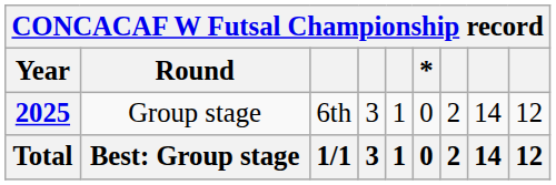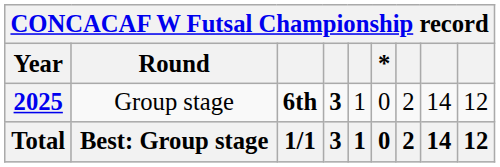 <table class="wikitable" style="text-align: center;">
 <tr>
 <th colspan="9"><a href='#'>CONCACAF W Futsal Championship</a> record</th>
 </tr>
 <tr>
 <th>Year</th>
 <th>Round</th>
 <th></th>
 <th></th>
 <th></th>
 <th>*</th>
 <th></th>
 <th></th>
 <th></th>
 </tr>
 <tr>
 <th> <a href='#'>2025</a></th>
 <td>Group stage</td>
-<td>6th</td>
-<td>3</td>
+<td><strong>6th</strong></td>
+<td><strong>3</strong></td>
 <td>1</td>
 <td>0</td>
 <td>2</td>
 <td>14</td>
 <td>12</td>
 </tr>
 <tr>
 <th>Total</th>
 <th>Best: Group stage</th>
 <th>1/1</th>
 <th>3</th>
 <th>1</th>
 <th>0</th>
 <th>2</th>
 <th>14</th>
 <th>12</th>
 </tr>
 </table>
